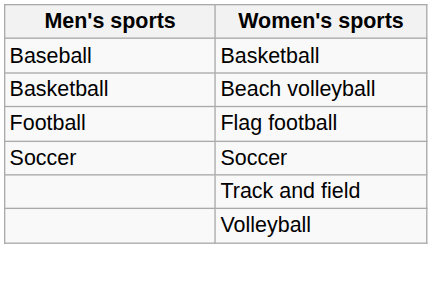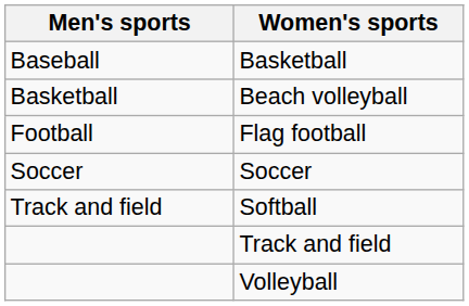 <table class="wikitable"; style= "text-align: ">
 <tr>
 <th width=150px>Men's sports</th>
 <th width=150px>Women's sports</th>
 </tr>
 <tr>
 <td>Baseball</td>
 <td>Basketball</td>
 </tr>
 <tr>
 <td>Basketball</td>
 <td>Beach volleyball</td>
 </tr>
 <tr>
 <td>Football</td>
 <td>Flag football</td>
 </tr>
 <tr>
 <td>Soccer</td>
 <td>Soccer</td>
 </tr>
 <tr>
+<td>Track and field</td>
+<td>Softball</td>
+</tr>
+<tr>
 <td></td>
 <td>Track and field</td>
 </tr>
 <tr>
 <td></td>
 <td>Volleyball</td>
 </tr>
 </table>
